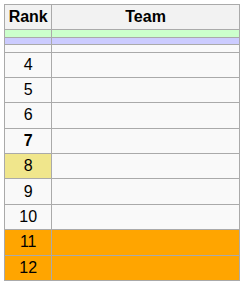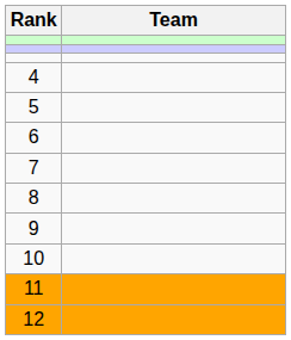 <table class="wikitable" style="text-align: center;">
 <tr>
 <th width=40>Rank</th>
 <th width=180>Team</th>
 </tr>
 <tr bgcolor=ccffcc>
 <td></td>
 <td align=left></td>
 </tr>
 <tr bgcolor=ccccff>
 <td></td>
 <td align=left></td>
 </tr>
 <tr>
 <td></td>
 <td align=left></td>
 </tr>
 <tr>
 <td>4</td>
 <td align=left></td>
 </tr>
 <tr>
 <td>5</td>
 <td align=left></td>
 </tr>
 <tr>
 <td>6</td>
 <td align=left></td>
 </tr>
 <tr>
-<td><strong>7</strong></td>
+<td>7</td>
 <td align=left></td>
 </tr>
 <tr>
-<td style="background: khaki;">8</td>
+<td>8</td>
 <td align=left></td>
 </tr>
 <tr>
 <td>9</td>
 <td align=left></td>
 </tr>
 <tr>
 <td>10</td>
 <td align=left></td>
 </tr>
 <tr bgcolor=FFA500>
 <td>11</td>
 <td align=left></td>
 </tr>
 <tr bgcolor=FFA500>
 <td>12</td>
 <td align=left></td>
 </tr>
 </table>
